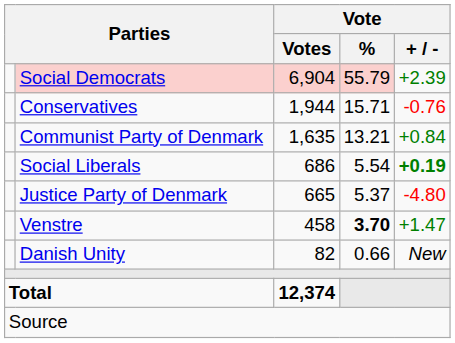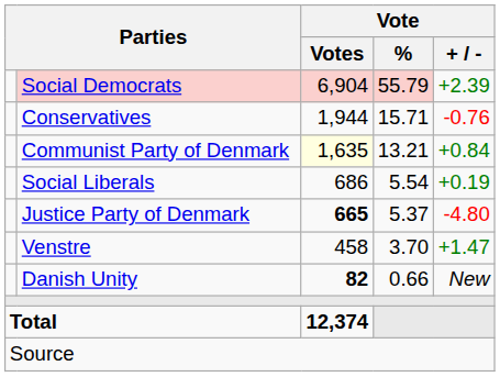 <table class="wikitable" style="text-align:right;">
 <tr>
 <th style="text-align:centre;" rowspan="2" colspan="2" width="225">Parties</th>
 <th colspan="3">Vote</th>
 </tr>
 <tr>
 <th width="15">Votes</th>
 <th width="15">%</th>
 <th width="15">+ / -</th>
 </tr>
 <tr>
 <td width="2" style="color:inherit;background:"></td>
 <td bgcolor=#fbd0ce  align="left"><a href='#'>Social Democrats</a></td>
 <td bgcolor=#fbd0ce>6,904</td>
 <td bgcolor=#fbd0ce>55.79</td>
 <td style=color:green;>+2.39</td>
 </tr>
 <tr>
 <td width="2" style="color:inherit;background:"></td>
 <td align="left"><a href='#'>Conservatives</a></td>
 <td>1,944</td>
 <td>15.71</td>
 <td style=color:red;>-0.76</td>
 </tr>
 <tr>
 <td width="2" style="color:inherit;background:"></td>
 <td align="left"><a href='#'>Communist Party of Denmark</a></td>
-<td>1,635</td>
+<td style="background: lightyellow;">1,635</td>
 <td>13.21</td>
 <td style=color:green;>+0.84</td>
 </tr>
 <tr>
 <td width="2" style="color:inherit;background:"></td>
 <td align="left"><a href='#'>Social Liberals</a></td>
 <td>686</td>
 <td>5.54</td>
-<td style=color:green;><strong>+0.19</strong></td>
+<td style=color:green;>+0.19</td>
 </tr>
 <tr>
 <td width="2" style="color:inherit;background:"></td>
 <td align="left"><a href='#'>Justice Party of Denmark</a></td>
-<td>665</td>
+<td><strong>665</strong></td>
 <td>5.37</td>
 <td style=color:red;>-4.80</td>
 </tr>
 <tr>
 <td width="2" style="color:inherit;background:"></td>
 <td align="left"><a href='#'>Venstre</a></td>
 <td>458</td>
-<td><strong>3.70</strong></td>
+<td>3.70</td>
 <td style=color:green;>+1.47</td>
 </tr>
 <tr>
 <td width="2" style="color:inherit;background:"></td>
 <td align="left"><a href='#'>Danish Unity</a></td>
-<td>82</td>
+<td><strong>82</strong></td>
 <td>0.66</td>
 <td><em>New</em></td>
 </tr>
 <tr>
 <td colspan="7" bgcolor="#E9E9E9"></td>
 </tr>
 <tr>
 <td align="left" colspan="2"><strong>Total</strong></td>
 <td><strong>12,374</strong></td>
 <td bgcolor="#E9E9E9" colspan="2"></td>
 </tr>
 <tr>
 <td align="left" colspan="6">Source</td>
 </tr>
 </table>
